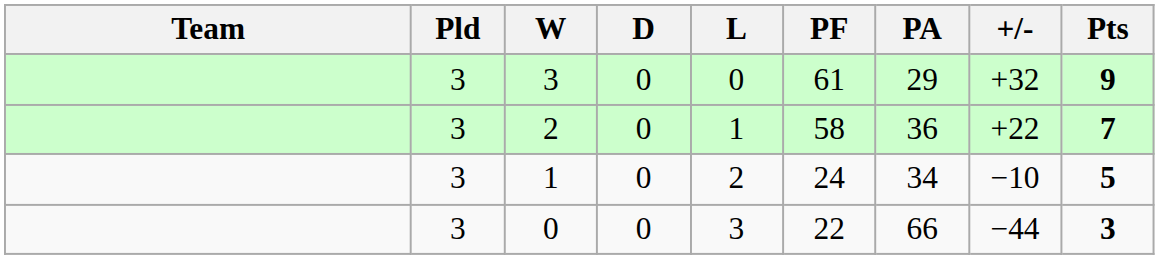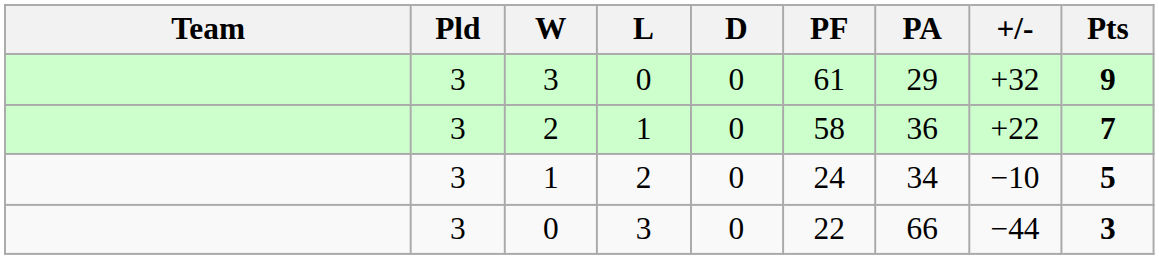 <table class="wikitable" style="text-align: center;">
 <tr>
 <th width="200">Team</th>
 <th width="40">Pld</th>
 <th width="40">W</th>
+<th width="40">L</th>
 <th width="40">D</th>
-<th width="40">L</th>
 <th width="40">PF</th>
 <th width="40">PA</th>
 <th width="40">+/-</th>
 <th width="40">Pts</th>
 </tr>
 <tr style="background-color:#ccffcc">
 <td style="text-align:left;"></td>
 <td>3</td>
 <td>3</td>
 <td>0</td>
 <td>0</td>
 <td>61</td>
 <td>29</td>
 <td>+32</td>
 <td><strong>9</strong></td>
 </tr>
 <tr style="background-color:#ccffcc">
 <td style="text-align:left;"></td>
 <td>3</td>
 <td>2</td>
+<td>1</td>
 <td>0</td>
-<td>1</td>
 <td>58</td>
 <td>36</td>
 <td>+22</td>
 <td><strong>7</strong></td>
 </tr>
 <tr>
 <td style="text-align:left;"></td>
 <td>3</td>
 <td>1</td>
+<td>2</td>
 <td>0</td>
-<td>2</td>
 <td>24</td>
 <td>34</td>
 <td>−10</td>
 <td><strong>5</strong></td>
 </tr>
 <tr>
 <td style="text-align:left;"></td>
 <td>3</td>
 <td>0</td>
+<td>3</td>
 <td>0</td>
-<td>3</td>
 <td>22</td>
 <td>66</td>
 <td>−44</td>
 <td><strong>3</strong></td>
 </tr>
 </table>
